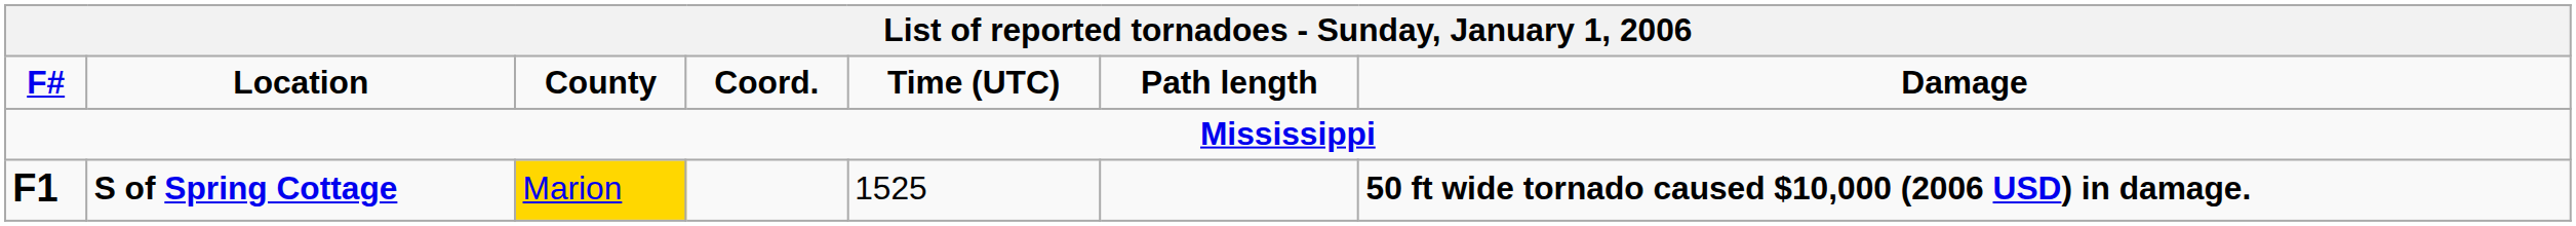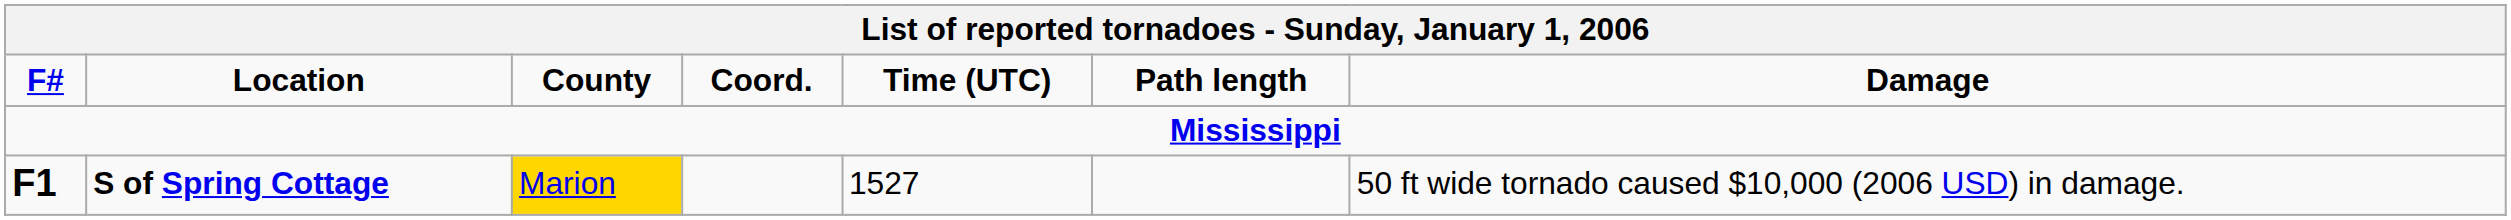 <table class="wikitable collapsible" width="100%">
 <tr>
 <th colspan="7">List of reported tornadoes - Sunday, January 1, 2006</th>
 </tr>
 <tr style="text-align:center;">
 <td><strong><a href='#'>F#</a></strong></td>
 <td><strong>Location</strong></td>
 <td><strong>County</strong></td>
 <td><strong>Coord.</strong></td>
 <td><strong>Time (UTC)</strong></td>
 <td><strong>Path length</strong></td>
 <td><strong>Damage</strong></td>
 </tr>
 <tr>
 <td colspan="7" align=center><strong><a href='#'>Mississippi</a></strong></td>
 </tr>
 <tr>
 <td><big><strong>F1</strong></big></td>
 <td><strong>S of <a href='#'>Spring Cottage</a></strong></td>
 <td style="background: gold;"><a href='#'>Marion</a></td>
 <td></td>
-<td>1525</td>
+<td>1527</td>
 <td></td>
-<td><strong>50 ft wide tornado caused $10,000 (2006 <a href='#'>USD</a>) in damage.</strong></td>
+<td>50 ft wide tornado caused $10,000 (2006 <a href='#'>USD</a>) in damage.</td>
 </tr>
 </table>
